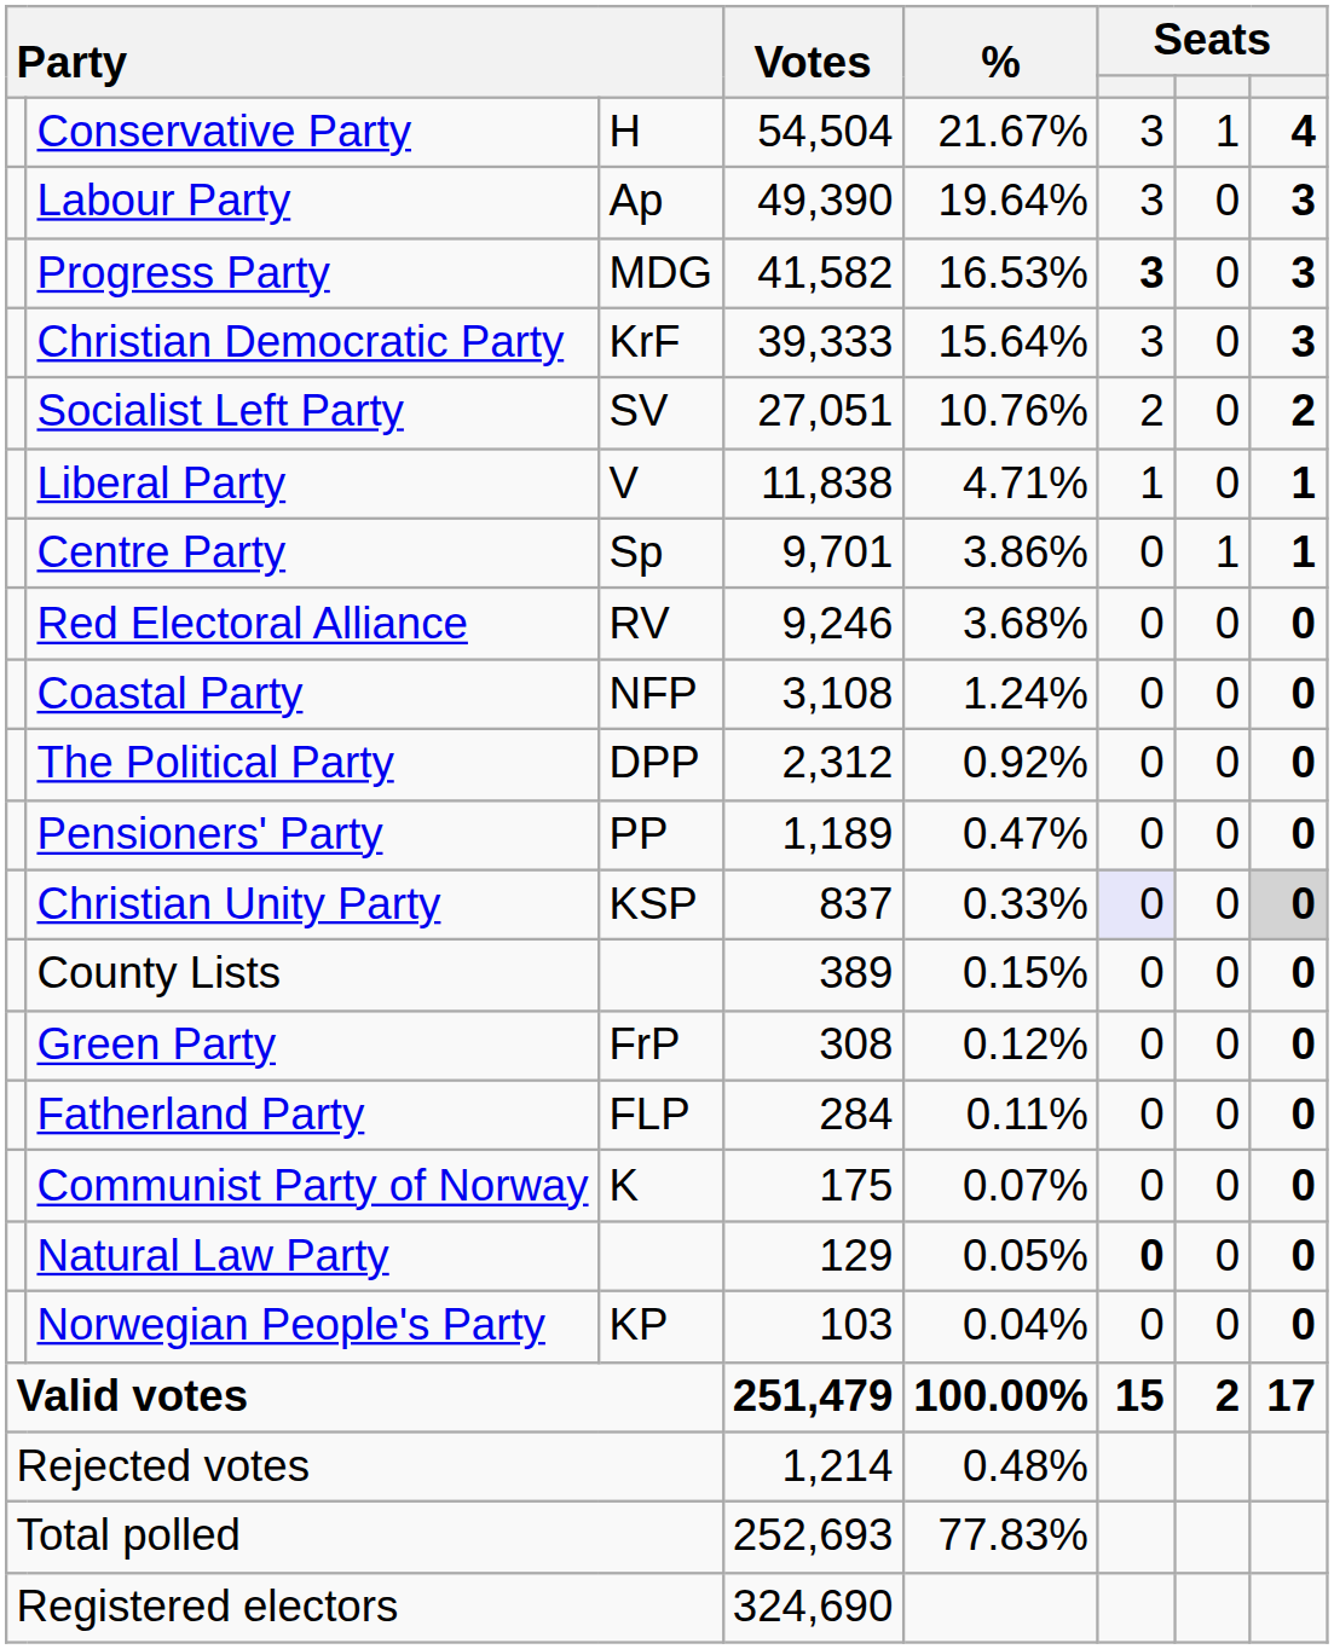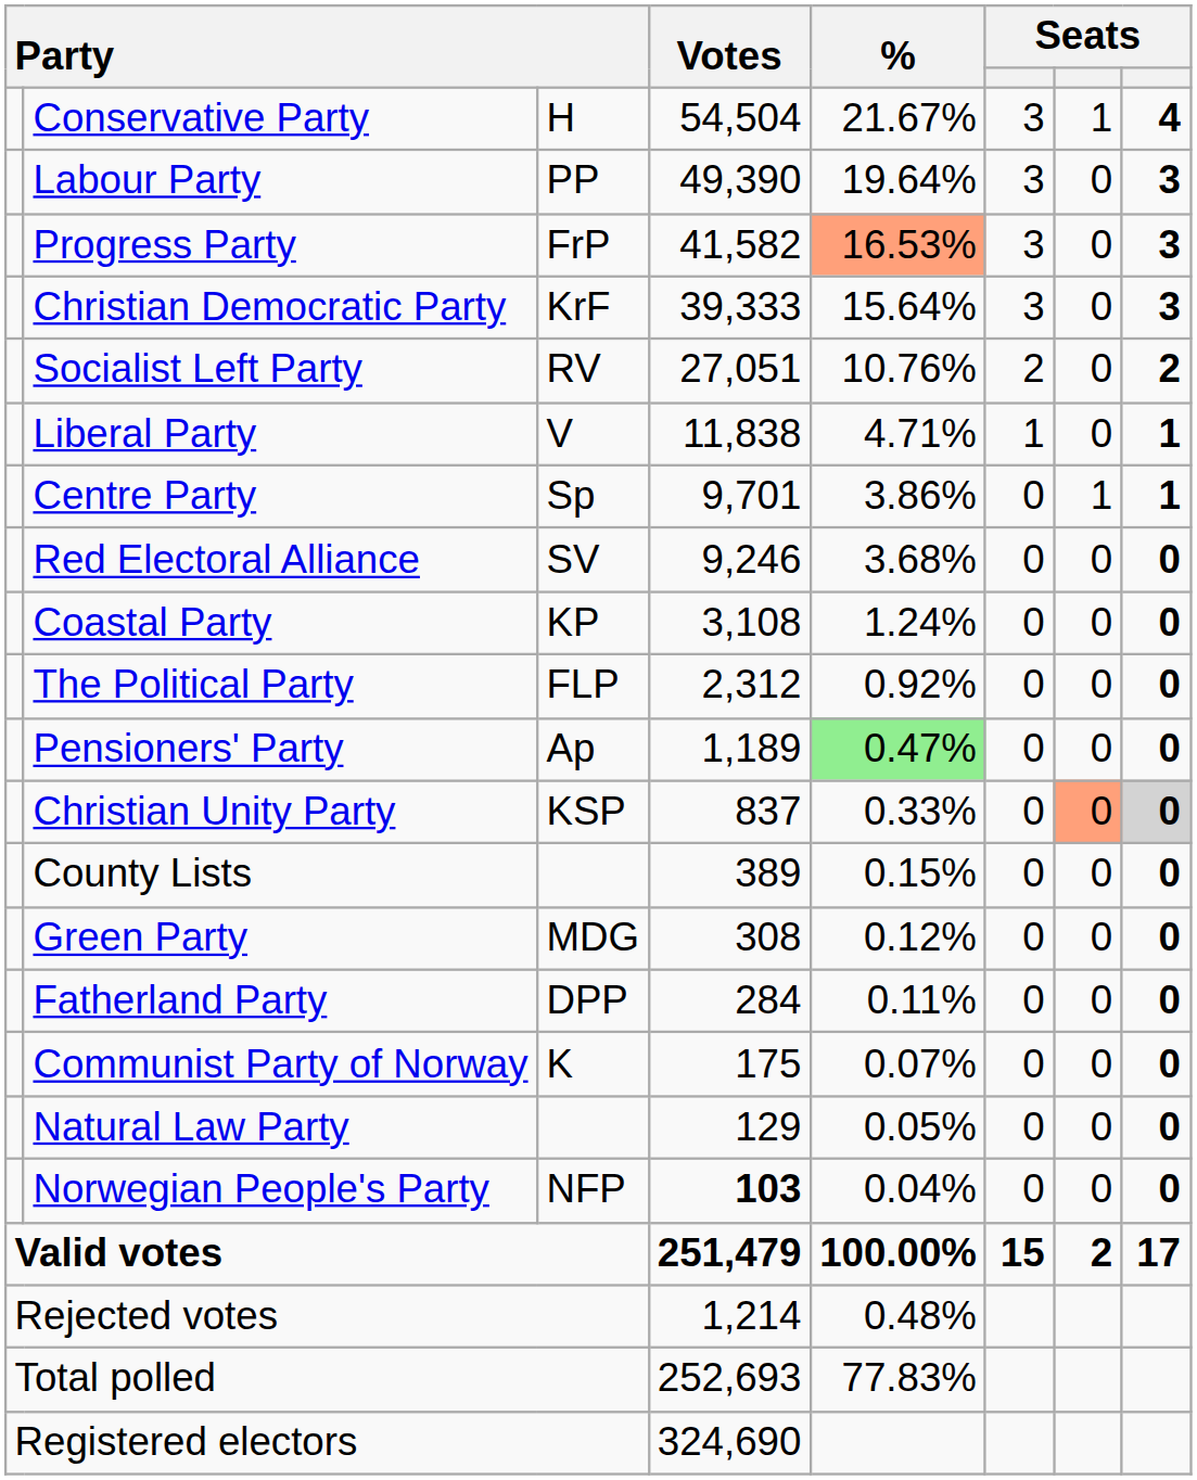 <table class="wikitable" border="1" style="text-align:right;">
 <tr>
 <th style="text-align:left;" valign=bottom rowspan=2 colspan=3>Party</th>
 <th align=center valign=bottom rowspan=2 width="50">Votes</th>
 <th align=center valign=bottom rowspan=2 width="50">%</th>
 <th colspan=3>Seats</th>
 </tr>
 <tr>
 <th align=center valign=bottom width="20"><small></small></th>
 <th align=center valign=bottom width="20"><small><a href='#'></a></small></th>
 <th align=center valign=bottom width="20"><small></small></th>
 </tr>
 <tr>
 <td style="color:inherit;background:"></td>
 <td align=left><a href='#'>Conservative Party</a></td>
 <td align=left>H</td>
 <td>54,504</td>
 <td>21.67%</td>
 <td>3</td>
 <td>1</td>
 <td><strong>4</strong></td>
 </tr>
 <tr>
 <td style="color:inherit;background:"></td>
 <td align=left><a href='#'>Labour Party</a></td>
-<td align=left>Ap</td>
+<td align=left>PP</td>
 <td>49,390</td>
 <td>19.64%</td>
 <td>3</td>
 <td>0</td>
 <td><strong>3</strong></td>
 </tr>
 <tr>
 <td style="color:inherit;background:"></td>
 <td align=left><a href='#'>Progress Party</a></td>
-<td align=left>MDG</td>
+<td align=left>FrP</td>
 <td>41,582</td>
-<td>16.53%</td>
-<td><strong>3</strong></td>
+<td style="background: lightsalmon;">16.53%</td>
+<td>3</td>
 <td>0</td>
 <td><strong>3</strong></td>
 </tr>
 <tr>
 <td style="color:inherit;background:"></td>
 <td align=left><a href='#'>Christian Democratic Party</a></td>
 <td align=left>KrF</td>
 <td>39,333</td>
 <td>15.64%</td>
 <td>3</td>
 <td>0</td>
 <td><strong>3</strong></td>
 </tr>
 <tr>
 <td style="color:inherit;background:"></td>
 <td align=left><a href='#'>Socialist Left Party</a></td>
-<td align=left>SV</td>
+<td align=left>RV</td>
 <td>27,051</td>
 <td>10.76%</td>
 <td>2</td>
 <td>0</td>
 <td><strong>2</strong></td>
 </tr>
 <tr>
 <td style="color:inherit;background:"></td>
 <td align=left><a href='#'>Liberal Party</a></td>
 <td align=left>V</td>
 <td>11,838</td>
 <td>4.71%</td>
 <td>1</td>
 <td>0</td>
 <td><strong>1</strong></td>
 </tr>
 <tr>
 <td style="color:inherit;background:"></td>
 <td align=left><a href='#'>Centre Party</a></td>
 <td align=left>Sp</td>
 <td>9,701</td>
 <td>3.86%</td>
 <td>0</td>
 <td>1</td>
 <td><strong>1</strong></td>
 </tr>
 <tr>
 <td style="color:inherit;background:"></td>
 <td align=left><a href='#'>Red Electoral Alliance</a></td>
-<td align=left>RV</td>
+<td align=left>SV</td>
 <td>9,246</td>
 <td>3.68%</td>
 <td>0</td>
 <td>0</td>
 <td><strong>0</strong></td>
 </tr>
 <tr>
 <td style="color:inherit;background:"></td>
 <td align=left><a href='#'>Coastal Party</a></td>
-<td align=left>NFP</td>
+<td align=left>KP</td>
 <td>3,108</td>
 <td>1.24%</td>
 <td>0</td>
 <td>0</td>
 <td><strong>0</strong></td>
 </tr>
 <tr>
 <td style="color:inherit;background:"></td>
 <td align=left><a href='#'>The Political Party</a></td>
-<td align=left>DPP</td>
+<td align=left>FLP</td>
 <td>2,312</td>
 <td>0.92%</td>
 <td>0</td>
 <td>0</td>
 <td><strong>0</strong></td>
 </tr>
 <tr>
 <td style="color:inherit;background:"></td>
 <td align=left><a href='#'>Pensioners' Party</a></td>
-<td align=left>PP</td>
+<td align=left>Ap</td>
 <td>1,189</td>
-<td>0.47%</td>
+<td style="background: lightgreen;">0.47%</td>
 <td>0</td>
 <td>0</td>
 <td><strong>0</strong></td>
 </tr>
 <tr>
 <td style="color:inherit;background:"></td>
 <td align=left><a href='#'>Christian Unity Party</a></td>
 <td align=left>KSP</td>
 <td>837</td>
 <td>0.33%</td>
-<td style="background: lavender;">0</td>
 <td>0</td>
+<td style="background: lightsalmon;">0</td>
 <td style="background: lightgrey;"><strong>0</strong></td>
 </tr>
 <tr>
 <td></td>
 <td align=left>County Lists</td>
 <td align=left></td>
 <td>389</td>
 <td>0.15%</td>
 <td>0</td>
 <td>0</td>
 <td><strong>0</strong></td>
 </tr>
 <tr>
 <td style="color:inherit;background:"></td>
 <td align=left><a href='#'>Green Party</a></td>
-<td align=left>FrP</td>
+<td align=left>MDG</td>
 <td>308</td>
 <td>0.12%</td>
 <td>0</td>
 <td>0</td>
 <td><strong>0</strong></td>
 </tr>
 <tr>
 <td style="color:inherit;background:"></td>
 <td align=left><a href='#'>Fatherland Party</a></td>
-<td align=left>FLP</td>
+<td align=left>DPP</td>
 <td>284</td>
 <td>0.11%</td>
 <td>0</td>
 <td>0</td>
 <td><strong>0</strong></td>
 </tr>
 <tr>
 <td style="color:inherit;background:"></td>
 <td align=left><a href='#'>Communist Party of Norway</a></td>
 <td align=left>K</td>
 <td>175</td>
 <td>0.07%</td>
 <td>0</td>
 <td>0</td>
 <td><strong>0</strong></td>
 </tr>
 <tr>
 <td></td>
 <td align=left><a href='#'>Natural Law Party</a></td>
 <td align=left></td>
 <td>129</td>
 <td>0.05%</td>
-<td><strong>0</strong></td>
+<td>0</td>
 <td>0</td>
 <td><strong>0</strong></td>
 </tr>
 <tr>
 <td style="color:inherit;background:"></td>
 <td align=left><a href='#'>Norwegian People's Party</a></td>
-<td align=left>KP</td>
-<td>103</td>
+<td align=left>NFP</td>
+<td><strong>103</strong></td>
 <td>0.04%</td>
 <td>0</td>
 <td>0</td>
 <td><strong>0</strong></td>
 </tr>
 <tr style="font-weight:bold">
 <td align=left colspan=3>Valid votes</td>
 <td>251,479</td>
 <td>100.00%</td>
 <td>15</td>
 <td>2</td>
 <td>17</td>
 </tr>
 <tr>
 <td align=left colspan=3>Rejected votes</td>
 <td>1,214</td>
 <td>0.48%</td>
 <td></td>
 <td></td>
 <td></td>
 </tr>
 <tr>
 <td align=left colspan=3>Total polled</td>
 <td>252,693</td>
 <td>77.83%</td>
 <td></td>
 <td></td>
 <td></td>
 </tr>
 <tr>
 <td align=left colspan=3>Registered electors</td>
 <td>324,690</td>
 <td></td>
 <td></td>
 <td></td>
 <td></td>
 </tr>
 </table>
